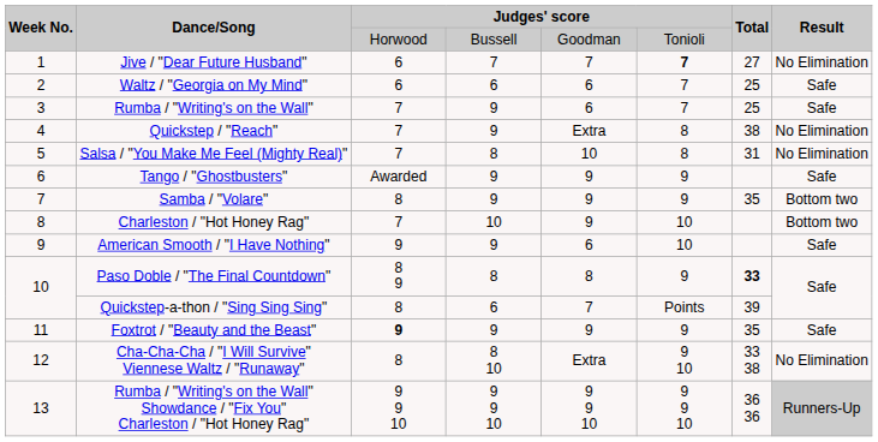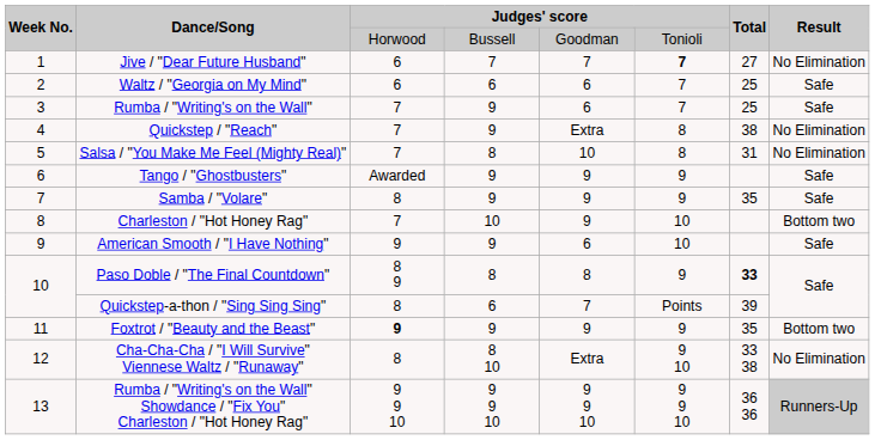 <table class="wikitable collapsible collapsed">
 <tr>
 <th rowspan="2" style="background:#ccc; text-align:Center;">Week No.</th>
 <th rowspan="2" style="background:#ccc; text-align:Center;">Dance/Song</th>
 <th colspan="4" style="background:#ccc; text-align:Center;">Judges' score</th>
 <th rowspan="2" style="background:#ccc; text-align:Center;">Total</th>
 <th rowspan="2" style="background:#ccc; text-align:Center;">Result</th>
 </tr>
 <tr style="text-align:center; background:#ccc;">
 <td style="width:11%; ">Horwood</td>
 <td style="width:11%; ">Bussell</td>
 <td style="width:11%; ">Goodman</td>
 <td style="width:11%; ">Tonioli</td>
 </tr>
 <tr style="text-align:center; background:#faf6f6">
 <td style="text-align:center; background:#faf6f6;">1</td>
 <td style="text-align:center; background:#faf6f6;"><a href='#'>Jive</a> / "<a href='#'>Dear Future Husband</a>"</td>
 <td style="text-align:center; background:#faf6f6;">6</td>
 <td style="text-align:center; background:#faf6f6;">7</td>
 <td style="text-align:center; background:#faf6f6;">7</td>
 <td style="text-align:center; background:#faf6f6;"><strong>7</strong></td>
 <td style="text-align:center; background:#faf6f6;">27</td>
 <td style="text-align:center; background:#faf6f6;">No Elimination</td>
 </tr>
 <tr style="text-align:center; background:#faf6f6;">
 <td>2</td>
 <td><a href='#'>Waltz</a> / "<a href='#'>Georgia on My Mind</a>"</td>
 <td>6</td>
 <td>6</td>
 <td>6</td>
 <td>7</td>
 <td>25</td>
 <td>Safe</td>
 </tr>
 <tr>
 <td style="text-align:center; background:#faf6f6;">3</td>
 <td style="text-align:center; background:#faf6f6;"><a href='#'>Rumba</a> / "<a href='#'>Writing's on the Wall</a>"</td>
 <td style="text-align:center; background:#faf6f6;">7</td>
 <td style="text-align:center; background:#faf6f6;">9</td>
 <td style="text-align:center; background:#faf6f6;">6</td>
 <td style="text-align:center; background:#faf6f6;">7</td>
 <td style="text-align:center; background:#faf6f6;">25</td>
 <td style="text-align:center; background:#faf6f6;">Safe</td>
 </tr>
 <tr>
 <td style="text-align:center; background:#faf6f6;">4</td>
 <td style="text-align:center; background:#faf6f6;"><a href='#'>Quickstep</a> / "<a href='#'>Reach</a>"</td>
 <td style="text-align:center; background:#faf6f6;">7</td>
 <td style="text-align:center; background:#faf6f6;">9</td>
 <td style="text-align:center; background:#faf6f6;">Extra</td>
 <td style="text-align:center; background:#faf6f6;">8</td>
 <td style="text-align:center; background:#faf6f6;">38</td>
 <td style="text-align:center; background:#faf6f6;">No Elimination</td>
 </tr>
 <tr>
 <td style="text-align:center; background:#faf6f6;">5</td>
 <td style="text-align:center; background:#faf6f6;"><a href='#'>Salsa</a> / "<a href='#'>You Make Me Feel (Mighty Real)</a>"</td>
 <td style="text-align:center; background:#faf6f6;">7</td>
 <td style="text-align:center; background:#faf6f6;">8</td>
 <td style="text-align:center; background:#faf6f6;">10</td>
 <td style="text-align:center; background:#faf6f6;">8</td>
 <td style="text-align:center; background:#faf6f6;">31</td>
 <td style="text-align:center; background:#faf6f6;">No Elimination</td>
 </tr>
 <tr>
 <td style="text-align:center; background:#faf6f6;">6</td>
 <td style="text-align:center; background:#faf6f6;"><a href='#'>Tango</a> / "<a href='#'>Ghostbusters</a>"</td>
 <td style="text-align:center; background:#faf6f6;">Awarded</td>
 <td style="text-align:center; background:#faf6f6;">9</td>
 <td style="text-align:center; background:#faf6f6;">9</td>
 <td style="text-align:center; background:#faf6f6;">9</td>
 <td style="text-align:center; background:#faf6f6;"></td>
 <td style="text-align:center; background:#faf6f6;">Safe</td>
 </tr>
 <tr>
 <td style="text-align:center; background:#faf6f6;">7</td>
 <td style="text-align:center; background:#faf6f6;"><a href='#'>Samba</a> / "<a href='#'>Volare</a>"</td>
 <td style="text-align:center; background:#faf6f6;">8</td>
 <td style="text-align:center; background:#faf6f6;">9</td>
 <td style="text-align:center; background:#faf6f6;">9</td>
 <td style="text-align:center; background:#faf6f6;">9</td>
 <td style="text-align:center; background:#faf6f6;">35</td>
-<td style="text-align:center; background:#faf6f6;">Bottom two</td>
+<td style="text-align:center; background:#faf6f6;">Safe</td>
 </tr>
 <tr>
 <td style="text-align:center; background:#faf6f6;">8</td>
 <td style="text-align:center; background:#faf6f6;"><a href='#'>Charleston</a> / "Hot Honey Rag"</td>
 <td style="text-align:center; background:#faf6f6;">7</td>
 <td style="text-align:center; background:#faf6f6;">10</td>
 <td style="text-align:center; background:#faf6f6;">9</td>
 <td style="text-align:center; background:#faf6f6;">10</td>
 <td style="text-align:center; background:#faf6f6;"></td>
 <td style="text-align:center; background:#faf6f6;">Bottom two</td>
 </tr>
 <tr style="text-align:center; background:#faf6f6;">
 <td>9</td>
 <td><a href='#'>American Smooth</a> / "<a href='#'>I Have Nothing</a>"</td>
 <td>9</td>
 <td>9</td>
 <td>6</td>
 <td>10</td>
 <td></td>
 <td>Safe</td>
 </tr>
 <tr>
 <td style="text-align:center; background:#faf6f6;" rowspan="2">10</td>
 <td style="text-align:center; background:#faf6f6;"><a href='#'>Paso Doble</a> / "<a href='#'>The Final Countdown</a>"</td>
 <td style="text-align:center; background:#faf6f6;">8<br>9</td>
 <td style="text-align:center; background:#faf6f6;">8</td>
 <td style="text-align:center; background:#faf6f6;">8</td>
 <td style="text-align:center; background:#faf6f6;">9</td>
 <td style="text-align:center; background:#faf6f6;"><strong>33</strong></td>
 <td style="text-align:center; background:#faf6f6;" rowspan="2">Safe</td>
 </tr>
 <tr>
 <td style="text-align:center; background:#faf6f6;"><a href='#'>Quickstep</a>-a-thon / "<a href='#'>Sing Sing Sing</a>"</td>
 <td style="text-align:center; background:#faf6f6;">8</td>
 <td style="text-align:center; background:#faf6f6;">6</td>
 <td style="text-align:center; background:#faf6f6;">7</td>
 <td style="text-align:center; background:#faf6f6;">Points</td>
 <td style="text-align:center; background:#faf6f6;">39</td>
 </tr>
 <tr>
 <td style="text-align:center; background:#faf6f6;">11</td>
 <td style="text-align:center; background:#faf6f6;"><a href='#'>Foxtrot</a> / "<a href='#'>Beauty and the Beast</a>"</td>
 <td style="text-align:center; background:#faf6f6;"><strong>9</strong></td>
 <td style="text-align:center; background:#faf6f6;">9</td>
 <td style="text-align:center; background:#faf6f6;">9</td>
 <td style="text-align:center; background:#faf6f6;">9</td>
 <td style="text-align:center; background:#faf6f6;">35</td>
-<td style="text-align:center; background:#faf6f6;">Safe</td>
+<td style="text-align:center; background:#faf6f6;">Bottom two</td>
 </tr>
 <tr>
 <td style="text-align:center; background:#faf6f6;">12</td>
 <td style="text-align:center; background:#faf6f6;"><a href='#'>Cha-Cha-Cha</a> / "<a href='#'>I Will Survive</a>"<br><a href='#'>Viennese Waltz</a> / "<a href='#'>Runaway</a>"</td>
 <td style="text-align:center; background:#faf6f6;">8</td>
 <td style="text-align:center; background:#faf6f6;">8<br>10</td>
 <td style="text-align:center; background:#faf6f6;">Extra</td>
 <td style="text-align:center; background:#faf6f6;">9<br>10</td>
 <td style="text-align:center; background:#faf6f6;">33<br>38</td>
 <td style="text-align:center; background:#faf6f6;">No Elimination</td>
 </tr>
 <tr>
 <td style="text-align:center; background:#faf6f6;">13</td>
 <td style="text-align:center; background:#faf6f6;"><a href='#'>Rumba</a> / "<a href='#'>Writing's on the Wall</a>"<br><a href='#'>Showdance</a> / "<a href='#'>Fix You</a>"<br><a href='#'>Charleston</a> / "Hot Honey Rag"</td>
 <td style="text-align:center; background:#faf6f6;">9<br>9<br>10</td>
 <td style="text-align:center; background:#faf6f6;">9<br>9<br>10</td>
 <td style="text-align:center; background:#faf6f6;">9<br>9<br>10</td>
 <td style="text-align:center; background:#faf6f6;">9<br>9<br>10</td>
 <td style="text-align:center; background:#faf6f6;">36<br>36<br><strong></strong></td>
 <td style="text-align:center; background:#ccc;">Runners-Up</td>
 </tr>
 </table>
